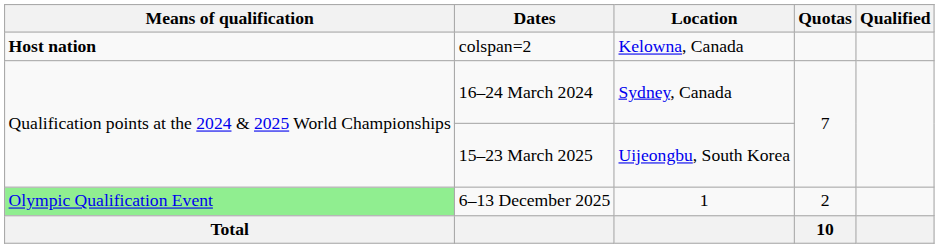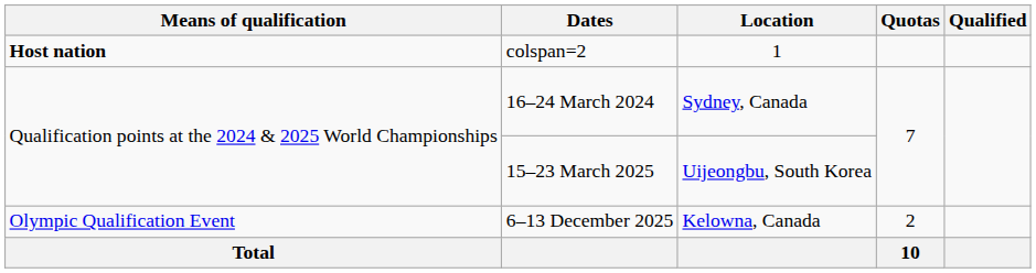 <table class="wikitable">
 <tr>
 <th>Means of qualification</th>
 <th>Dates</th>
 <th>Location</th>
 <th>Quotas</th>
 <th>Qualified</th>
 </tr>
 <tr>
 <td><strong>Host nation</strong></td>
 <td>colspan=2 </td>
-<td> <a href='#'>Kelowna</a>, Canada</td>
+<td align=center>1</td>
 <td></td>
 </tr>
 <tr>
 <td rowspan=2>Qualification points at the <a href='#'>2024</a> & <a href='#'>2025</a> World Championships</td>
 <td>16–24 March 2024</td>
 <td> <a href='#'>Sydney</a>, Canada</td>
 <td align=center rowspan=2>7</td>
 <td rowspan=2><br><br><br><br><br><br></td>
 </tr>
 <tr>
 <td>15–23 March 2025</td>
 <td> <a href='#'>Uijeongbu</a>, South Korea</td>
 </tr>
 <tr>
-<td style="background: lightgreen;"><a href='#'>Olympic Qualification Event</a></td>
+<td><a href='#'>Olympic Qualification Event</a></td>
 <td>6–13 December 2025</td>
-<td align=center>1</td>
+<td> <a href='#'>Kelowna</a>, Canada</td>
 <td align=center>2</td>
 <td></td>
 </tr>
 <tr>
 <th>Total</th>
 <th></th>
 <th></th>
 <th>10</th>
 <th></th>
 </tr>
 </table>
